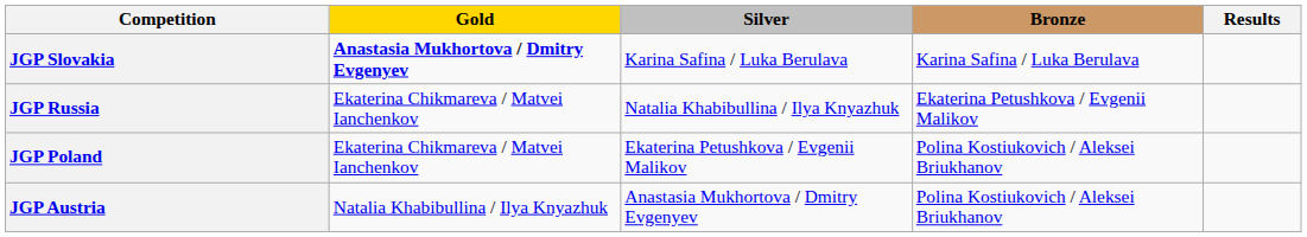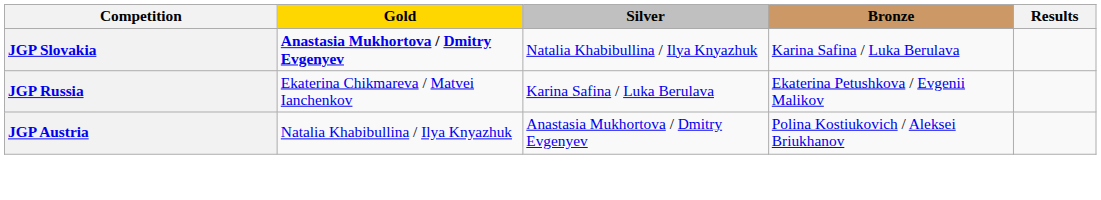 <table class="wikitable unsortable" style="text-align:left; width:90%">
 <tr>
 <th scope="col" style="text-align:center; width:25%;">Competition</th>
 <td scope="col" style="text-align:center; width:22.5%; background:gold"><strong>Gold</strong></td>
 <td scope="col" style="text-align:center; width:22.5%; background:silver"><strong>Silver</strong></td>
 <td scope="col" style="text-align:center; width:22.5%; background:#c96"><strong>Bronze</strong></td>
 <th scope="col" style="text-align:center; width:7.5%;">Results</th>
 </tr>
 <tr>
 <th scope="row" style="text-align:left"> <a href='#'>JGP Slovakia</a></th>
 <td><strong> <a href='#'>Anastasia Mukhortova</a> / <a href='#'>Dmitry Evgenyev</a></strong></td>
-<td> <a href='#'>Karina Safina</a> / <a href='#'>Luka Berulava</a></td>
+<td> <a href='#'>Natalia Khabibullina</a> / <a href='#'>Ilya Knyazhuk</a></td>
 <td> <a href='#'>Karina Safina</a> / <a href='#'>Luka Berulava</a></td>
 <td></td>
 </tr>
 <tr>
 <th scope="row" style="text-align:left"> <a href='#'>JGP Russia</a></th>
 <td> <a href='#'>Ekaterina Chikmareva</a> / <a href='#'>Matvei Ianchenkov</a></td>
-<td> <a href='#'>Natalia Khabibullina</a> / <a href='#'>Ilya Knyazhuk</a></td>
+<td> <a href='#'>Karina Safina</a> / <a href='#'>Luka Berulava</a></td>
 <td> <a href='#'>Ekaterina Petushkova</a> / <a href='#'>Evgenii Malikov</a></td>
-<td></td>
-</tr>
-<tr>
-<th scope="row" style="text-align:left"> <a href='#'>JGP Poland</a></th>
-<td> <a href='#'>Ekaterina Chikmareva</a> / <a href='#'>Matvei Ianchenkov</a></td>
-<td> <a href='#'>Ekaterina Petushkova</a> / <a href='#'>Evgenii Malikov</a></td>
-<td> <a href='#'>Polina Kostiukovich</a> / <a href='#'>Aleksei Briukhanov</a></td>
 <td></td>
 </tr>
 <tr>
 <th scope="row" style="text-align:left"> <a href='#'>JGP Austria</a></th>
 <td> <a href='#'>Natalia Khabibullina</a> / <a href='#'>Ilya Knyazhuk</a></td>
 <td> <a href='#'>Anastasia Mukhortova</a> / <a href='#'>Dmitry Evgenyev</a></td>
 <td> <a href='#'>Polina Kostiukovich</a> / <a href='#'>Aleksei Briukhanov</a></td>
 <td></td>
 </tr>
 </table>
